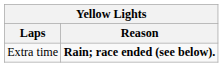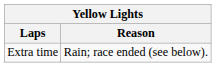 <table class="wikitable">
 <tr>
 <th colspan=2>Yellow Lights</th>
 </tr>
 <tr>
 <th>Laps</th>
 <th>Reason</th>
 </tr>
 <tr>
 <td>Extra time</td>
-<td><strong>Rain; race ended (see below).</strong></td>
+<td>Rain; race ended (see below).</td>
 </tr>
 </table>
